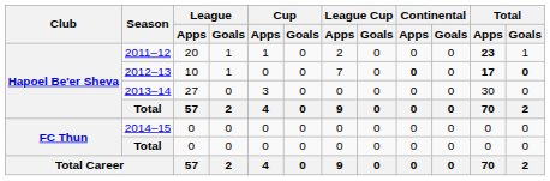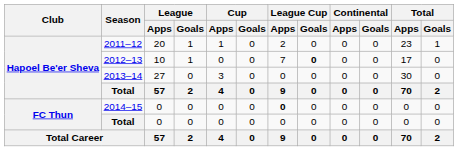 <table class="wikitable" style="font-size:90%; text-align: center;">
 <tr>
 <th rowspan="2">Club</th>
 <th rowspan="2">Season</th>
 <th colspan="2">League</th>
 <th colspan="2">Cup</th>
 <th colspan="2">League Cup</th>
 <th colspan="2">Continental</th>
 <th colspan="2">Total</th>
 </tr>
 <tr>
 <th>Apps</th>
 <th>Goals</th>
 <th>Apps</th>
 <th>Goals</th>
 <th>Apps</th>
 <th>Goals</th>
 <th>Apps</th>
 <th>Goals</th>
 <th>Apps</th>
 <th>Goals</th>
 </tr>
 <tr>
 <th rowspan="4" valign="center"><a href='#'>Hapoel Be'er Sheva</a></th>
 <td><a href='#'>2011–12</a></td>
 <td>20</td>
 <td>1</td>
 <td>1</td>
 <td>0</td>
 <td>2</td>
 <td>0</td>
 <td>0</td>
 <td>0</td>
-<td><strong>23</strong></td>
+<td>23</td>
 <td>1</td>
 </tr>
 <tr>
 <td><a href='#'>2012–13</a></td>
 <td>10</td>
 <td>1</td>
 <td>0</td>
 <td>0</td>
 <td>7</td>
-<td>0</td>
 <td><strong>0</strong></td>
 <td>0</td>
-<td><strong>17</strong></td>
-<td><strong>0</strong></td>
+<td>0</td>
+<td>17</td>
+<td>0</td>
 </tr>
 <tr>
 <td><a href='#'>2013–14</a></td>
 <td>27</td>
 <td>0</td>
 <td>3</td>
 <td>0</td>
 <td>0</td>
 <td>0</td>
 <td>0</td>
 <td>0</td>
 <td>30</td>
 <td>0</td>
 </tr>
 <tr>
 <th colspan="1" valign="center">Total</th>
 <th>57</th>
 <th>2</th>
 <th>4</th>
 <th>0</th>
 <th>9</th>
 <th>0</th>
 <th>0</th>
 <th>0</th>
 <th>70</th>
 <th>2</th>
 </tr>
 <tr>
 <th rowspan="2" valign="center"><a href='#'>FC Thun</a></th>
 <td><a href='#'>2014–15</a></td>
 <td>0</td>
 <td>0</td>
 <td>0</td>
 <td>0</td>
-<td>0</td>
+<td><strong>0</strong></td>
 <td>0</td>
 <td>0</td>
 <td>0</td>
 <td>0</td>
 <td>0</td>
 </tr>
 <tr>
 <th colspan="1" valign="center">Total</th>
 <td>0</td>
 <td>0</td>
 <td>0</td>
 <td>0</td>
 <td>0</td>
 <td>0</td>
 <td>0</td>
 <td>0</td>
 <td>0</td>
 <td>0</td>
 </tr>
 <tr>
 <th colspan="2" valign="center">Total Career</th>
 <th>57</th>
 <th>2</th>
 <th>4</th>
 <th>0</th>
 <th>9</th>
 <th>0</th>
 <th>0</th>
 <th>0</th>
 <th>70</th>
 <th>2</th>
 </tr>
 </table>
